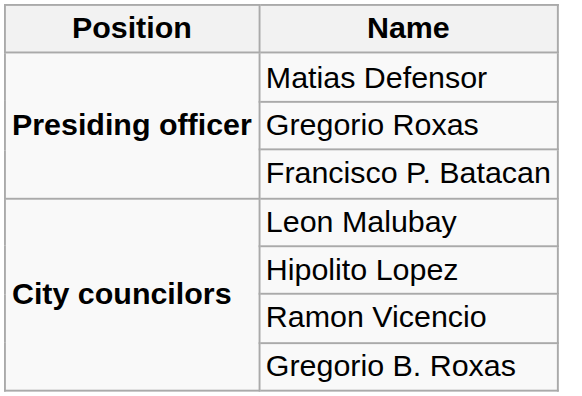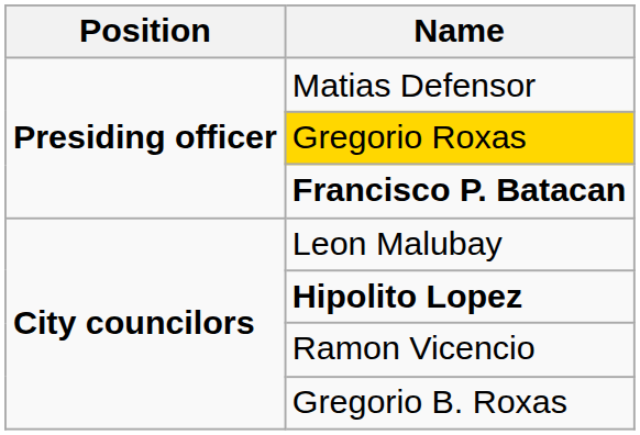 <table class=wikitable>
 <tr>
 <th>Position</th>
 <th>Name</th>
 </tr>
 <tr>
 <td rowspan="3"><strong>Presiding officer</strong></td>
 <td>Matias Defensor</td>
 </tr>
 <tr>
-<td>Gregorio Roxas</td>
+<td style="background: gold;">Gregorio Roxas</td>
 </tr>
 <tr>
-<td>Francisco P. Batacan</td>
+<td><strong>Francisco P. Batacan</strong></td>
 </tr>
 <tr>
 <td rowspan="4"><strong>City councilors</strong></td>
 <td>Leon Malubay</td>
 </tr>
 <tr>
-<td>Hipolito Lopez</td>
+<td><strong>Hipolito Lopez</strong></td>
 </tr>
 <tr>
 <td>Ramon Vicencio</td>
 </tr>
 <tr>
 <td>Gregorio B. Roxas</td>
 </tr>
 </table>
